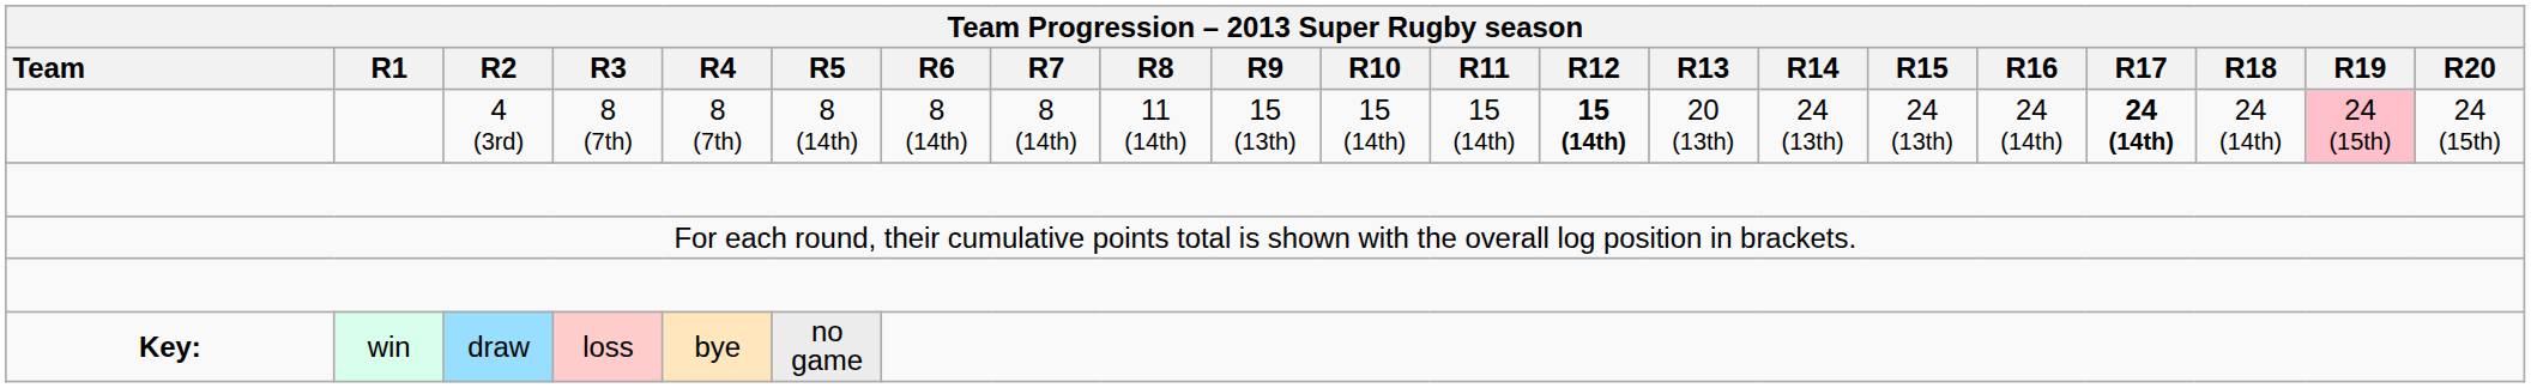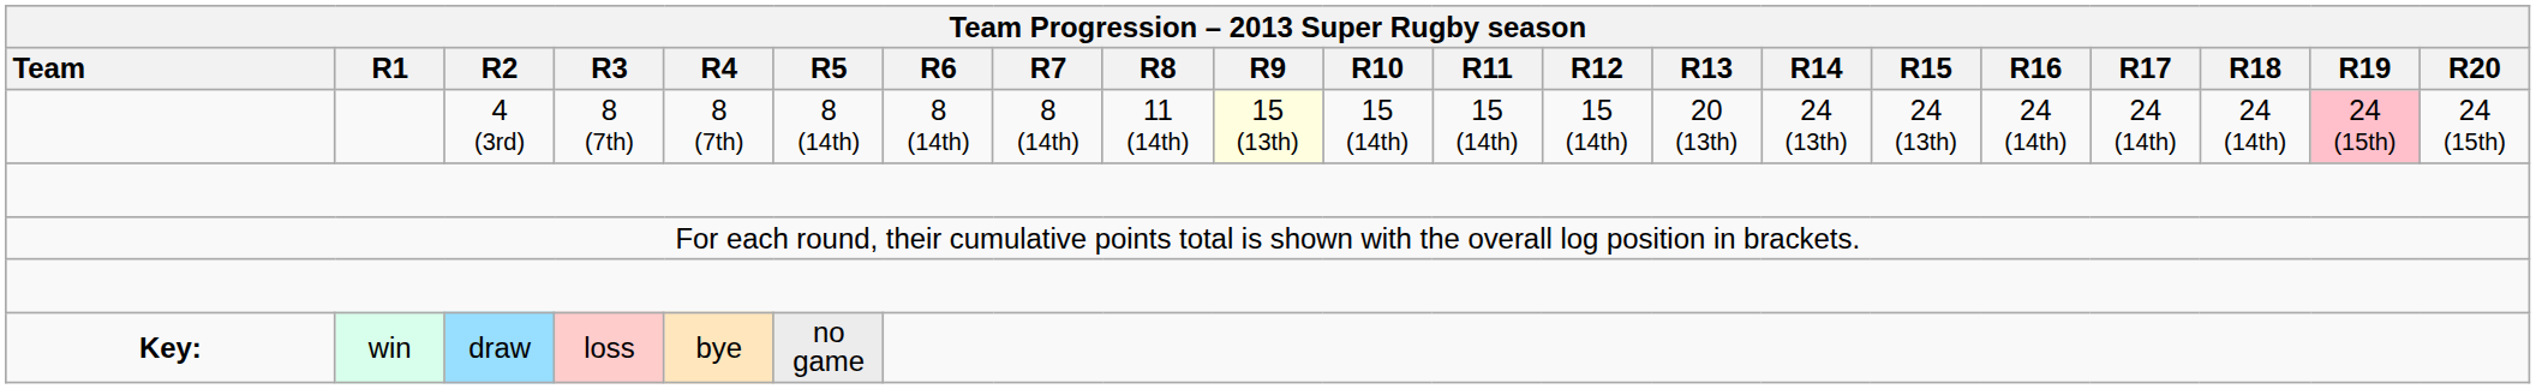 <table class="wikitable collapsible" style="text-align:center; line-height:100%; width:80%; font-size:90%">
 <tr>
 <th colspan=100%>Team Progression – 2013 Super Rugby season</th>
 </tr>
 <tr>
 <th style="text-align:left; width:12%;">Team</th>
 <th style="width:4%;">R1</th>
 <th style="width:4%;">R2</th>
 <th style="width:4%;">R3</th>
 <th style="width:4%;">R4</th>
 <th style="width:4%;">R5</th>
 <th style="width:4%;">R6</th>
 <th style="width:4%;">R7</th>
 <th style="width:4%;">R8</th>
 <th style="width:4%;">R9</th>
 <th style="width:4%;">R10</th>
 <th style="width:4%;">R11</th>
 <th style="width:4%;">R12</th>
 <th style="width:4%;">R13</th>
 <th style="width:4%;">R14</th>
 <th style="width:4%;">R15</th>
 <th style="width:4%;">R16</th>
 <th style="width:4%;">R17</th>
 <th style="width:4%;">R18</th>
 <th style="width:4%;">R19</th>
 <th style="width:4%;">R20</th>
 </tr>
 <tr>
 <td align=left></td>
 <td> </td>
 <td>4 <br><small>(3rd)</small></td>
 <td>8 <br><small>(7th)</small></td>
 <td>8 <br><small>(7th)</small></td>
 <td>8 <br><small>(14th)</small></td>
 <td>8 <br><small>(14th)</small></td>
 <td>8 <br><small>(14th)</small></td>
 <td>11 <br><small>(14th)</small></td>
-<td>15 <br><small>(13th)</small></td>
+<td style="background: lightyellow;">15 <br><small>(13th)</small></td>
 <td>15 <br><small>(14th)</small></td>
 <td>15 <br><small>(14th)</small></td>
-<td><strong>15 <br><small>(14th)</small></strong></td>
+<td>15 <br><small>(14th)</small></td>
 <td>20 <br><small>(13th)</small></td>
 <td>24 <br><small>(13th)</small></td>
 <td>24 <br><small>(13th)</small></td>
 <td>24 <br><small>(14th)</small></td>
-<td><strong>24 <br><small>(14th)</small></strong></td>
+<td>24 <br><small>(14th)</small></td>
 <td>24 <br><small>(14th)</small></td>
 <td style="background: pink;">24 <br><small>(15th)</small></td>
 <td>24 <br><small>(15th)</small></td>
 </tr>
 <tr>
 <td colspan="100%" cellpadding="0" cellspacing="0" style="height: 20px;"></td>
 </tr>
 <tr>
 <td colspan="100%" style="text-align:center;">For each round, their cumulative points total is shown with the overall log position in brackets.</td>
 </tr>
 <tr>
 <td colspan="100%" cellpadding="0" cellspacing="0" style="height: 20px;"></td>
 </tr>
 <tr>
 <td><strong>Key:</strong></td>
 <td style="background:#D8FFEB;">win</td>
 <td style="background:#97DEFF;">draw</td>
 <td style="background:#FFCCCC;">loss</td>
 <td style="background:#FFE6BD;">bye</td>
 <td style="background:#ECECEC;">no game</td>
 <td colspan=16></td>
 </tr>
 </table>
